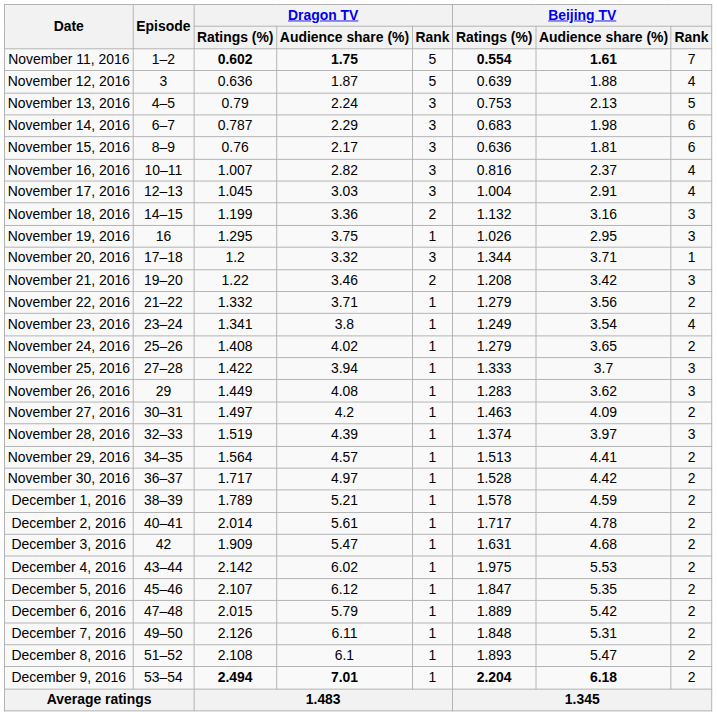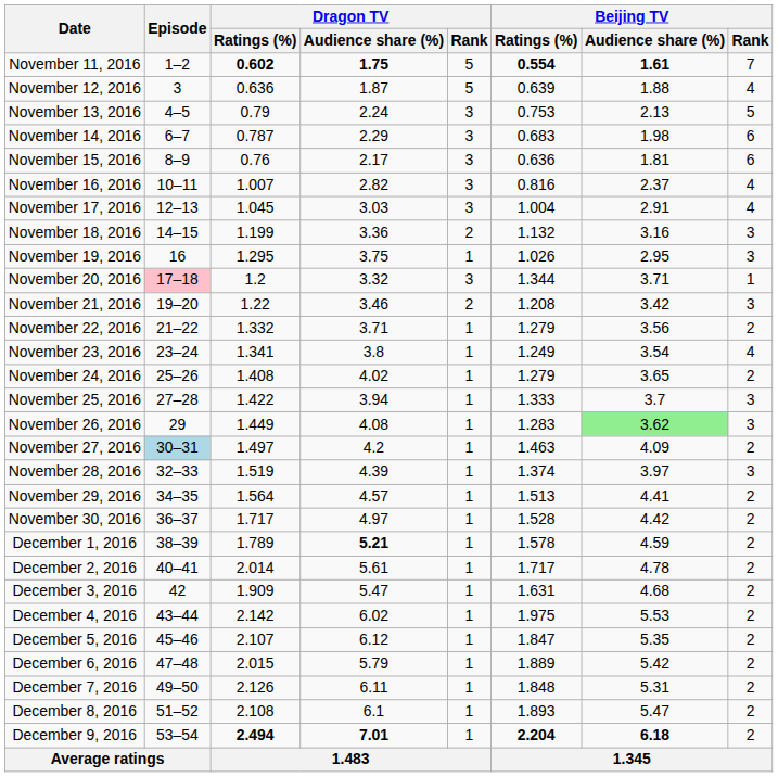 <table class="wikitable sortable mw-collapsible jquery-tablesorter" style="text-align:center">
 <tr>
 <th rowspan="2">Date</th>
 <th rowspan="2">Episode</th>
 <th colspan="3"><a href='#'>Dragon TV</a></th>
 <th colspan="3"><a href='#'>Beijing TV</a></th>
 </tr>
 <tr>
 <th><strong>Ratings (%)</strong></th>
 <th><strong>Audience share (%)</strong></th>
 <th><strong>Rank</strong></th>
 <th><strong>Ratings (%)</strong></th>
 <th><strong>Audience share (%)</strong></th>
 <th><strong>Rank</strong></th>
 </tr>
 <tr>
 <td>November 11, 2016</td>
 <td>1–2</td>
 <td><strong><span>0.602</span></strong></td>
 <td><strong><span>1.75</span></strong></td>
 <td>5</td>
 <td><strong><span>0.554</span></strong></td>
 <td><strong><span>1.61</span></strong></td>
 <td>7</td>
 </tr>
 <tr>
 <td>November 12, 2016</td>
 <td>3</td>
 <td>0.636</td>
 <td>1.87</td>
 <td>5</td>
 <td>0.639</td>
 <td>1.88</td>
 <td>4</td>
 </tr>
 <tr>
 <td>November 13, 2016</td>
 <td>4–5</td>
 <td>0.79</td>
 <td>2.24</td>
 <td>3</td>
 <td>0.753</td>
 <td>2.13</td>
 <td>5</td>
 </tr>
 <tr>
 <td>November 14, 2016</td>
 <td>6–7</td>
 <td>0.787</td>
 <td>2.29</td>
 <td>3</td>
 <td>0.683</td>
 <td>1.98</td>
 <td>6</td>
 </tr>
 <tr>
 <td>November 15, 2016</td>
 <td>8–9</td>
 <td>0.76</td>
 <td>2.17</td>
 <td>3</td>
 <td>0.636</td>
 <td>1.81</td>
 <td>6</td>
 </tr>
 <tr>
 <td>November 16, 2016</td>
 <td>10–11</td>
 <td>1.007</td>
 <td>2.82</td>
 <td>3</td>
 <td>0.816</td>
 <td>2.37</td>
 <td>4</td>
 </tr>
 <tr>
 <td>November 17, 2016</td>
 <td>12–13</td>
 <td>1.045</td>
 <td>3.03</td>
 <td>3</td>
 <td>1.004</td>
 <td>2.91</td>
 <td>4</td>
 </tr>
 <tr>
 <td>November 18, 2016</td>
 <td>14–15</td>
 <td>1.199</td>
 <td>3.36</td>
 <td>2</td>
 <td>1.132</td>
 <td>3.16</td>
 <td>3</td>
 </tr>
 <tr>
 <td>November 19, 2016</td>
 <td>16</td>
 <td>1.295</td>
 <td>3.75</td>
 <td>1</td>
 <td>1.026</td>
 <td>2.95</td>
 <td>3</td>
 </tr>
 <tr>
 <td>November 20, 2016</td>
-<td>17–18</td>
+<td style="background: pink;">17–18</td>
 <td>1.2</td>
 <td>3.32</td>
 <td>3</td>
 <td>1.344</td>
 <td>3.71</td>
 <td>1</td>
 </tr>
 <tr>
 <td>November 21, 2016</td>
 <td>19–20</td>
 <td>1.22</td>
 <td>3.46</td>
 <td>2</td>
 <td>1.208</td>
 <td>3.42</td>
 <td>3</td>
 </tr>
 <tr>
 <td>November 22, 2016</td>
 <td>21–22</td>
 <td>1.332</td>
 <td>3.71</td>
 <td>1</td>
 <td>1.279</td>
 <td>3.56</td>
 <td>2</td>
 </tr>
 <tr>
 <td>November 23, 2016</td>
 <td>23–24</td>
 <td>1.341</td>
 <td>3.8</td>
 <td>1</td>
 <td>1.249</td>
 <td>3.54</td>
 <td>4</td>
 </tr>
 <tr>
 <td>November 24, 2016</td>
 <td>25–26</td>
 <td>1.408</td>
 <td>4.02</td>
 <td>1</td>
 <td>1.279</td>
 <td>3.65</td>
 <td>2</td>
 </tr>
 <tr>
 <td>November 25, 2016</td>
 <td>27–28</td>
 <td>1.422</td>
 <td>3.94</td>
 <td>1</td>
 <td>1.333</td>
 <td>3.7</td>
 <td>3</td>
 </tr>
 <tr>
 <td>November 26, 2016</td>
 <td>29</td>
 <td>1.449</td>
 <td>4.08</td>
 <td>1</td>
 <td>1.283</td>
-<td>3.62</td>
+<td style="background: lightgreen;">3.62</td>
 <td>3</td>
 </tr>
 <tr>
 <td>November 27, 2016</td>
-<td>30–31</td>
+<td style="background: lightblue;">30–31</td>
 <td>1.497</td>
 <td>4.2</td>
 <td>1</td>
 <td>1.463</td>
 <td>4.09</td>
 <td>2</td>
 </tr>
 <tr>
 <td>November 28, 2016</td>
 <td>32–33</td>
 <td>1.519</td>
 <td>4.39</td>
 <td>1</td>
 <td>1.374</td>
 <td>3.97</td>
 <td>3</td>
 </tr>
 <tr>
 <td>November 29, 2016</td>
 <td>34–35</td>
 <td>1.564</td>
 <td>4.57</td>
 <td>1</td>
 <td>1.513</td>
 <td>4.41</td>
 <td>2</td>
 </tr>
 <tr>
 <td>November 30, 2016</td>
 <td>36–37</td>
 <td>1.717</td>
 <td>4.97</td>
 <td>1</td>
 <td>1.528</td>
 <td>4.42</td>
 <td>2</td>
 </tr>
 <tr>
 <td>December 1, 2016</td>
 <td>38–39</td>
 <td>1.789</td>
-<td>5.21</td>
+<td><strong>5.21</strong></td>
 <td>1</td>
 <td>1.578</td>
 <td>4.59</td>
 <td>2</td>
 </tr>
 <tr>
 <td>December 2, 2016</td>
 <td>40–41</td>
 <td>2.014</td>
 <td>5.61</td>
 <td>1</td>
 <td>1.717</td>
 <td>4.78</td>
 <td>2</td>
 </tr>
 <tr>
 <td>December 3, 2016</td>
 <td>42</td>
 <td>1.909</td>
 <td>5.47</td>
 <td>1</td>
 <td>1.631</td>
 <td>4.68</td>
 <td>2</td>
 </tr>
 <tr>
 <td>December 4, 2016</td>
 <td>43–44</td>
 <td>2.142</td>
 <td>6.02</td>
 <td>1</td>
 <td>1.975</td>
 <td>5.53</td>
 <td>2</td>
 </tr>
 <tr>
 <td>December 5, 2016</td>
 <td>45–46</td>
 <td>2.107</td>
 <td>6.12</td>
 <td>1</td>
 <td>1.847</td>
 <td>5.35</td>
 <td>2</td>
 </tr>
 <tr>
 <td>December 6, 2016</td>
 <td>47–48</td>
 <td>2.015</td>
 <td>5.79</td>
 <td>1</td>
 <td>1.889</td>
 <td>5.42</td>
 <td>2</td>
 </tr>
 <tr>
 <td>December 7, 2016</td>
 <td>49–50</td>
 <td>2.126</td>
 <td>6.11</td>
 <td>1</td>
 <td>1.848</td>
 <td>5.31</td>
 <td>2</td>
 </tr>
 <tr>
 <td>December 8, 2016</td>
 <td>51–52</td>
 <td>2.108</td>
 <td>6.1</td>
 <td>1</td>
 <td>1.893</td>
 <td>5.47</td>
 <td>2</td>
 </tr>
 <tr>
 <td>December 9, 2016</td>
 <td>53–54</td>
 <td><strong><span>2.494</span></strong></td>
 <td><strong><span>7.01</span></strong></td>
 <td>1</td>
 <td><strong><span>2.204</span></strong></td>
 <td><strong><span>6.18</span></strong></td>
 <td>2</td>
 </tr>
 <tr>
 <th colspan="2" rowspan="1"><strong>Average ratings</strong></th>
 <th colspan="3" rowspan="1"><strong>1.483</strong></th>
 <th colspan="3" rowspan="1"><strong>1.345</strong></th>
 </tr>
 </table>
